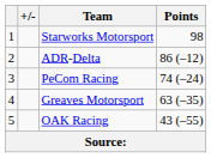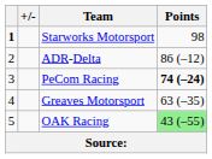 <table class="wikitable" style="font-size: 95%;">
 <tr>
 <th scope="col"></th>
 <th scope="col">+/-</th>
 <th scope="col">Team</th>
 <th scope="col">Points</th>
 </tr>
 <tr>
-<td align="center">1</td>
+<td align="center"><strong>1</strong></td>
 <td align="left"></td>
 <td> <a href='#'>Starworks Motorsport</a></td>
 <td align="right">98</td>
 </tr>
 <tr>
 <td align="center">2</td>
 <td align="left"></td>
 <td> <a href='#'>ADR</a>-<a href='#'>Delta</a></td>
 <td align="right">86 (–12)</td>
 </tr>
 <tr>
 <td align="center">3</td>
 <td align="left"></td>
 <td> <a href='#'>PeCom Racing</a></td>
-<td align="right">74 (–24)</td>
+<td align="right"><strong>74 (–24)</strong></td>
 </tr>
 <tr>
 <td align="center">4</td>
 <td align="left"></td>
 <td> <a href='#'>Greaves Motorsport</a></td>
 <td align="right">63 (–35)</td>
 </tr>
 <tr>
 <td align="center">5</td>
 <td align="left"></td>
 <td> <a href='#'>OAK Racing</a></td>
-<td align="right">43 (–55)</td>
+<td align="right" style="background: lightgreen;">43 (–55)</td>
 </tr>
 <tr>
 <th colspan="4">Source:</th>
 </tr>
 </table>
